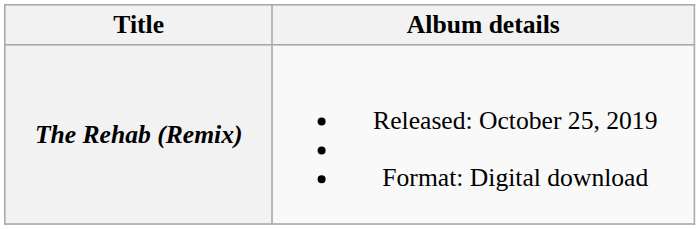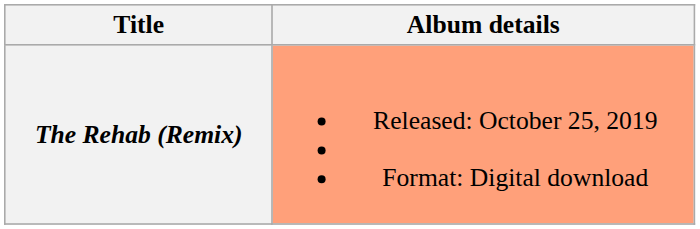 <table class="wikitable plainrowheaders" style="text-align:center;" border="1">
 <tr>
 <th scope="col" style="width:10em;">Title</th>
 <th scope="col" style="width:16em;">Album details</th>
 </tr>
 <tr>
 <th scope="row"><em>The Rehab (Remix)</em></th>
-<td><br><ul><li>Released: October 25, 2019</li><li></li><li>Format: Digital download</li></ul></td>
+<td style="background: lightsalmon;"><br><ul><li>Released: October 25, 2019</li><li></li><li>Format: Digital download</li></ul></td>
 </tr>
 </table>
